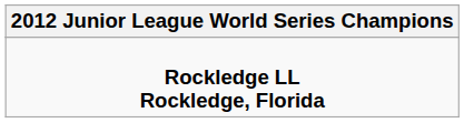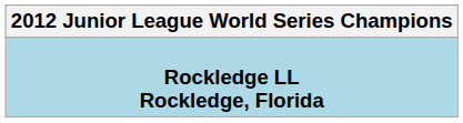 <table class="wikitable" style="text-align: center; margin: 0 auto;">
 <tr>
 <th>2012 Junior League World Series Champions</th>
 </tr>
 <tr>
 </tr>
 <tr>
-<td><br><strong>Rockledge LL</strong><br><strong>Rockledge, Florida</strong></td>
+<td style="background: lightblue;"><br><strong>Rockledge LL</strong><br><strong>Rockledge, Florida</strong></td>
 </tr>
 </table>
